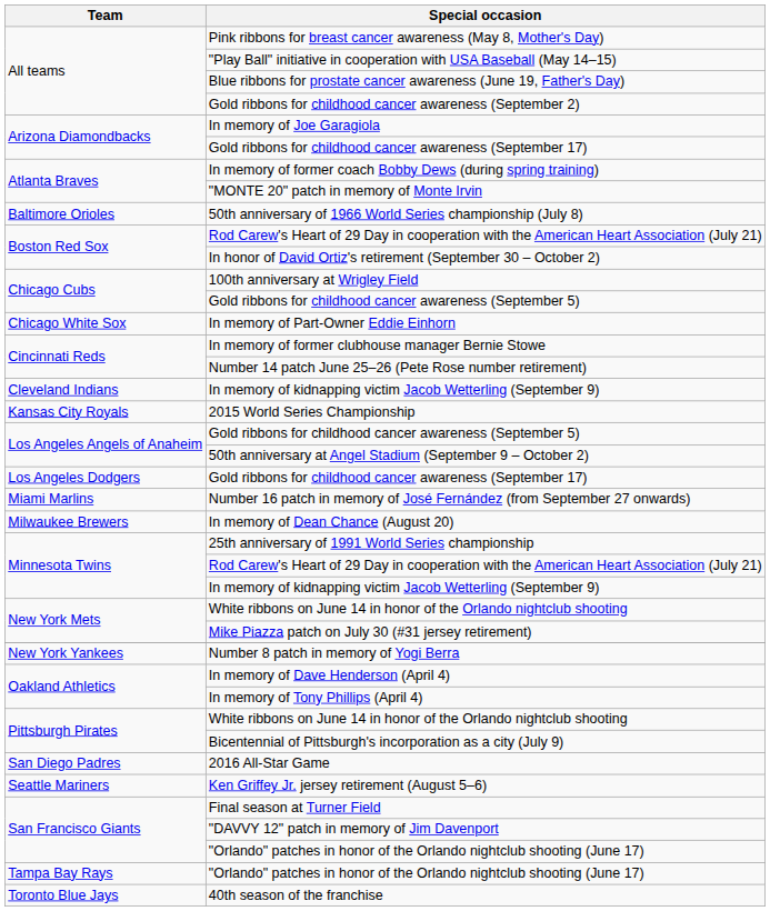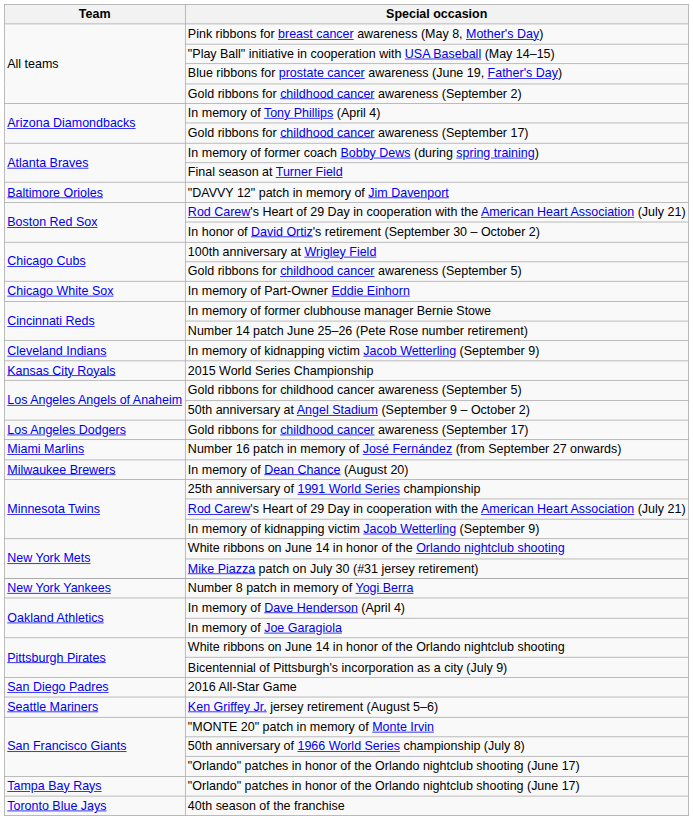 <table class="wikitable">
 <tr>
 <th>Team</th>
 <th>Special occasion</th>
 </tr>
 <tr>
 <td rowspan=4>All teams</td>
 <td>Pink ribbons for <a href='#'>breast cancer</a> awareness (May 8, <a href='#'>Mother's Day</a>)</td>
 </tr>
 <tr>
 <td>"Play Ball" initiative in cooperation with <a href='#'>USA Baseball</a> (May 14–15)</td>
 </tr>
 <tr>
 <td>Blue ribbons for <a href='#'>prostate cancer</a> awareness (June 19, <a href='#'>Father's Day</a>)</td>
 </tr>
 <tr>
 <td>Gold ribbons for <a href='#'>childhood cancer</a> awareness (September 2)</td>
 </tr>
 <tr>
 <td rowspan=2><a href='#'>Arizona Diamondbacks</a></td>
-<td>In memory of <a href='#'>Joe Garagiola</a></td>
+<td>In memory of <a href='#'>Tony Phillips</a> (April 4)</td>
 </tr>
 <tr>
 <td>Gold ribbons for <a href='#'>childhood cancer</a> awareness (September 17)</td>
 </tr>
 <tr>
 <td rowspan=2><a href='#'>Atlanta Braves</a></td>
 <td>In memory of former coach <a href='#'>Bobby Dews</a> (during <a href='#'>spring training</a>)</td>
 </tr>
 <tr>
-<td>"MONTE 20" patch in memory of <a href='#'>Monte Irvin</a></td>
+<td>Final season at <a href='#'>Turner Field</a></td>
 </tr>
 <tr>
 <td><a href='#'>Baltimore Orioles</a></td>
-<td>50th anniversary of <a href='#'>1966 World Series</a> championship (July 8)</td>
+<td>"DAVVY 12" patch in memory of <a href='#'>Jim Davenport</a></td>
 </tr>
 <tr>
 <td rowspan=2><a href='#'>Boston Red Sox</a></td>
 <td><a href='#'>Rod Carew</a>'s Heart of 29 Day in cooperation with the <a href='#'>American Heart Association</a> (July 21)</td>
 </tr>
 <tr>
 <td>In honor of <a href='#'>David Ortiz</a>'s retirement (September 30 – October 2)</td>
 </tr>
 <tr>
 <td rowspan=2><a href='#'>Chicago Cubs</a></td>
 <td>100th anniversary at <a href='#'>Wrigley Field</a></td>
 </tr>
 <tr>
 <td>Gold ribbons for <a href='#'>childhood cancer</a> awareness (September 5)</td>
 </tr>
 <tr>
 <td><a href='#'>Chicago White Sox</a></td>
 <td>In memory of Part-Owner <a href='#'>Eddie Einhorn</a></td>
 </tr>
 <tr>
 <td rowspan=2><a href='#'>Cincinnati Reds</a></td>
 <td>In memory of former clubhouse manager Bernie Stowe</td>
 </tr>
 <tr>
 <td>Number 14 patch June 25–26 (Pete Rose number retirement)</td>
 </tr>
 <tr>
 <td><a href='#'>Cleveland Indians</a></td>
 <td>In memory of kidnapping victim <a href='#'>Jacob Wetterling</a> (September 9)</td>
 </tr>
 <tr>
 <td><a href='#'>Kansas City Royals</a></td>
 <td>2015 World Series Championship</td>
 </tr>
 <tr>
 <td rowspan=2><a href='#'>Los Angeles Angels of Anaheim</a></td>
 <td>Gold ribbons for childhood cancer awareness (September 5)</td>
 </tr>
 <tr>
 <td>50th anniversary at <a href='#'>Angel Stadium</a> (September 9 – October 2)</td>
 </tr>
 <tr>
 <td><a href='#'>Los Angeles Dodgers</a></td>
 <td>Gold ribbons for <a href='#'>childhood cancer</a> awareness (September 17)</td>
 </tr>
 <tr>
 <td><a href='#'>Miami Marlins</a></td>
 <td>Number 16 patch in memory of <a href='#'>José Fernández</a> (from September 27 onwards)</td>
 </tr>
 <tr>
 <td><a href='#'>Milwaukee Brewers</a></td>
 <td>In memory of <a href='#'>Dean Chance</a> (August 20)</td>
 </tr>
 <tr>
 <td rowspan=3><a href='#'>Minnesota Twins</a></td>
 <td>25th anniversary of <a href='#'>1991 World Series</a> championship</td>
 </tr>
 <tr>
 <td><a href='#'>Rod Carew</a>'s Heart of 29 Day in cooperation with the <a href='#'>American Heart Association</a> (July 21)</td>
 </tr>
 <tr>
 <td>In memory of kidnapping victim <a href='#'>Jacob Wetterling</a> (September 9)</td>
 </tr>
 <tr>
 <td rowspan=2><a href='#'>New York Mets</a></td>
 <td>White ribbons on June 14 in honor of the <a href='#'>Orlando nightclub shooting</a></td>
 </tr>
 <tr>
 <td><a href='#'>Mike Piazza</a> patch on July 30 (#31 jersey retirement)</td>
 </tr>
 <tr>
 </tr>
 <tr>
 </tr>
 <tr>
 <td><a href='#'>New York Yankees</a></td>
 <td>Number 8 patch in memory of <a href='#'>Yogi Berra</a></td>
 </tr>
 <tr>
 <td rowspan=2><a href='#'>Oakland Athletics</a></td>
 <td>In memory of <a href='#'>Dave Henderson</a> (April 4)</td>
 </tr>
 <tr>
-<td>In memory of <a href='#'>Tony Phillips</a> (April 4)</td>
+<td>In memory of <a href='#'>Joe Garagiola</a></td>
 </tr>
 <tr>
 <td rowspan=2><a href='#'>Pittsburgh Pirates</a></td>
 <td>White ribbons on June 14 in honor of the Orlando nightclub shooting</td>
 </tr>
 <tr>
 <td>Bicentennial of Pittsburgh's incorporation as a city (July 9)</td>
 </tr>
 <tr>
 <td><a href='#'>San Diego Padres</a></td>
 <td>2016 All-Star Game</td>
 </tr>
 <tr>
 <td><a href='#'>Seattle Mariners</a></td>
 <td><a href='#'>Ken Griffey Jr.</a> jersey retirement (August 5–6)</td>
 </tr>
 <tr>
 <td rowspan=3><a href='#'>San Francisco Giants</a></td>
-<td>Final season at <a href='#'>Turner Field</a></td>
+<td>"MONTE 20" patch in memory of <a href='#'>Monte Irvin</a></td>
 </tr>
 <tr>
-<td>"DAVVY 12" patch in memory of <a href='#'>Jim Davenport</a></td>
+<td>50th anniversary of <a href='#'>1966 World Series</a> championship (July 8)</td>
 </tr>
 <tr>
 <td>"Orlando" patches in honor of the Orlando nightclub shooting (June 17)</td>
 </tr>
 <tr>
 <td><a href='#'>Tampa Bay Rays</a></td>
 <td>"Orlando" patches in honor of the Orlando nightclub shooting (June 17)</td>
 </tr>
 <tr>
 <td><a href='#'>Toronto Blue Jays</a></td>
 <td>40th season of the franchise</td>
 </tr>
 </table>
